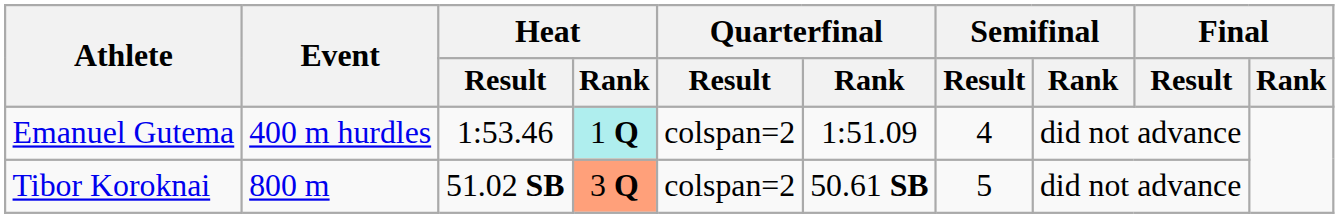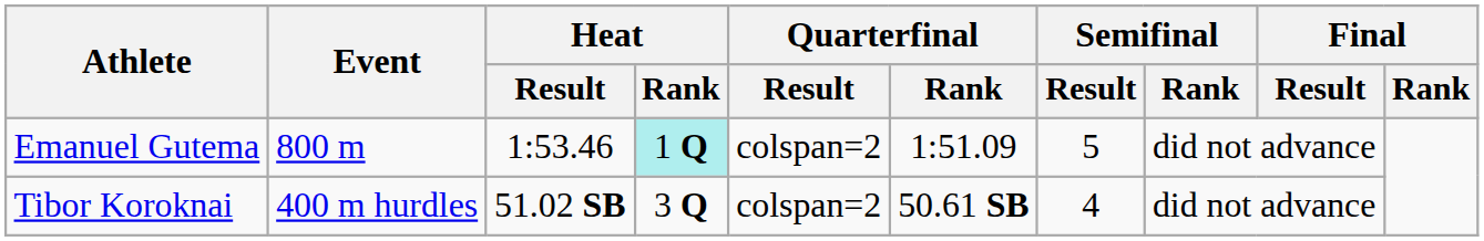 <table class=wikitable style="font-size:90%">
 <tr>
 <th rowspan="2">Athlete</th>
 <th rowspan="2">Event</th>
 <th colspan="2">Heat</th>
 <th colspan="2">Quarterfinal</th>
 <th colspan="2">Semifinal</th>
 <th colspan="2">Final</th>
 </tr>
 <tr style="font-size:95%">
 <th>Result</th>
 <th>Rank</th>
 <th>Result</th>
 <th>Rank</th>
 <th>Result</th>
 <th>Rank</th>
 <th>Result</th>
 <th>Rank</th>
 </tr>
 <tr align=center>
 <td align=left><a href='#'>Emanuel Gutema</a></td>
-<td align=left><a href='#'>400 m hurdles</a></td>
+<td align=left><a href='#'>800 m</a></td>
 <td>1:53.46</td>
 <td style="background: paleturquoise;">1 <strong>Q</strong></td>
 <td>colspan=2 </td>
 <td>1:51.09</td>
-<td>4</td>
+<td>5</td>
 <td colspan=2>did not advance</td>
 </tr>
 <tr align=center>
 <td align=left><a href='#'>Tibor Koroknai</a></td>
-<td align=left><a href='#'>800 m</a></td>
+<td align=left><a href='#'>400 m hurdles</a></td>
 <td>51.02 <strong>SB</strong></td>
-<td style="background: lightsalmon;">3 <strong>Q</strong></td>
+<td>3 <strong>Q</strong></td>
 <td>colspan=2 </td>
 <td>50.61 <strong>SB</strong></td>
-<td>5</td>
+<td>4</td>
 <td colspan=2>did not advance</td>
 </tr>
 </table>
